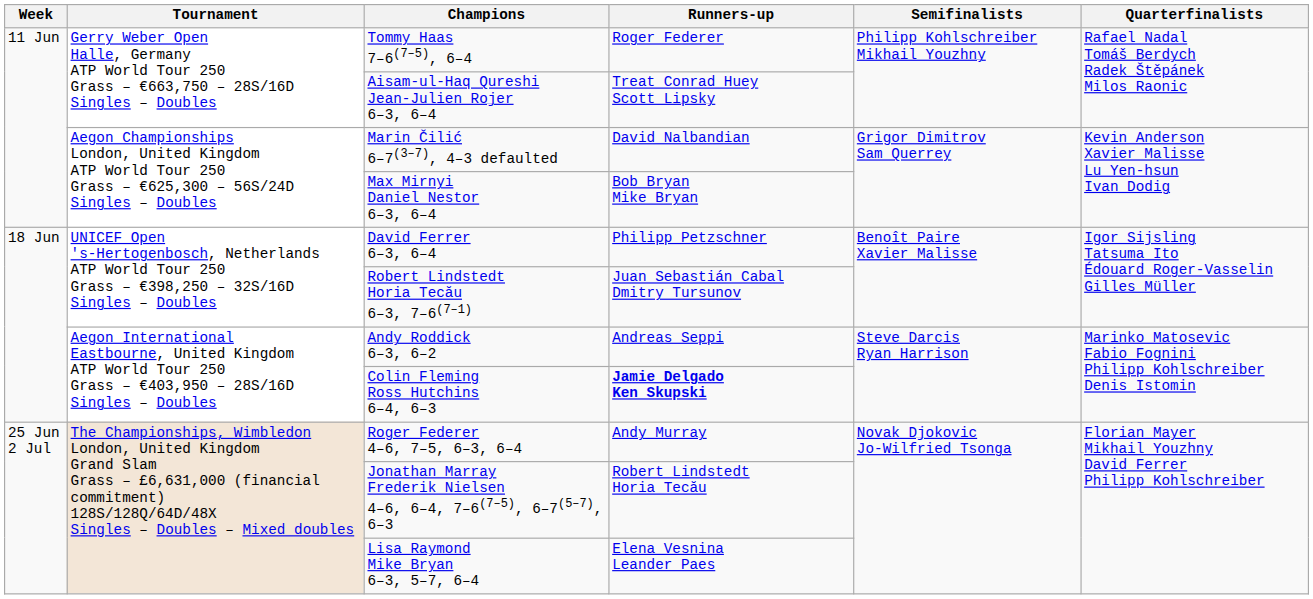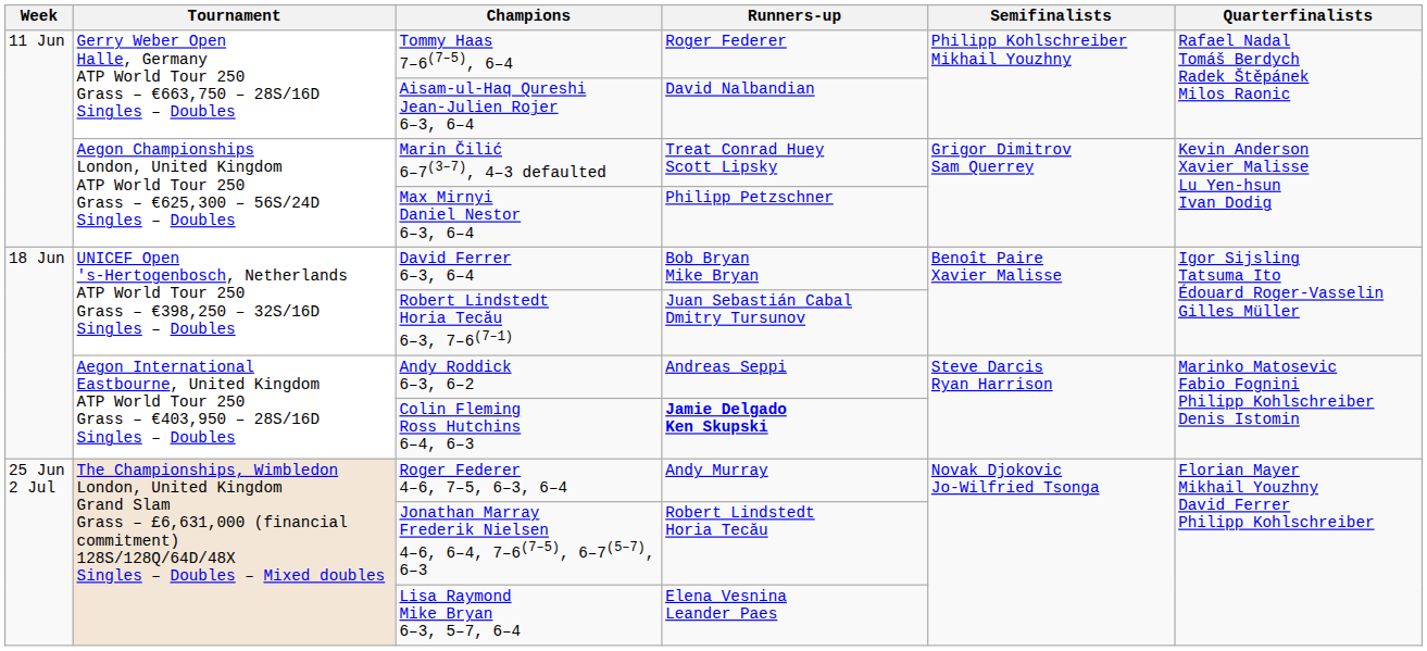 <table class=wikitable style=font-size:95%>
 <tr>
 <th style="width:48px;">Week</th>
 <th style="width:250px;">Tournament</th>
 <th style="width:205px;">Champions</th>
 <th style="width:205px;">Runners-up</th>
 <th style="width:190px;">Semifinalists</th>
 <th style="width:190px;">Quarterfinalists</th>
 </tr>
 <tr valign=top>
 <td rowspan=4>11 Jun</td>
 <td bgcolor=#ffffff rowspan=2><a href='#'>Gerry Weber Open</a><br> <a href='#'>Halle</a>, Germany<br>ATP World Tour 250<br>Grass – €663,750 – 28S/16D<br><a href='#'>Singles</a> – <a href='#'>Doubles</a></td>
 <td> <a href='#'>Tommy Haas</a><br>7–6<sup>(7–5)</sup>, 6–4</td>
 <td> <a href='#'>Roger Federer</a></td>
 <td rowspan=2> <a href='#'>Philipp Kohlschreiber</a><br>  <a href='#'>Mikhail Youzhny</a></td>
 <td rowspan=2> <a href='#'>Rafael Nadal</a> <br>  <a href='#'>Tomáš Berdych</a> <br>  <a href='#'>Radek Štěpánek</a> <br>  <a href='#'>Milos Raonic</a></td>
 </tr>
 <tr valign=top>
 <td> <a href='#'>Aisam-ul-Haq Qureshi</a> <br>  <a href='#'>Jean-Julien Rojer</a> <br> 6–3, 6–4</td>
-<td> <a href='#'>Treat Conrad Huey</a> <br>  <a href='#'>Scott Lipsky</a></td>
+<td> <a href='#'>David Nalbandian</a></td>
 </tr>
 <tr valign=top>
 <td bgcolor=#ffffff rowspan=2><a href='#'>Aegon Championships</a><br> London, United Kingdom<br>ATP World Tour 250<br>Grass – €625,300 – 56S/24D<br><a href='#'>Singles</a> – <a href='#'>Doubles</a></td>
 <td> <a href='#'>Marin Čilić</a><br>6–7<sup>(3–7)</sup>, 4–3 defaulted</td>
-<td> <a href='#'>David Nalbandian</a></td>
+<td> <a href='#'>Treat Conrad Huey</a> <br>  <a href='#'>Scott Lipsky</a></td>
 <td rowspan=2> <a href='#'>Grigor Dimitrov</a><br> <a href='#'>Sam Querrey</a></td>
 <td rowspan=2> <a href='#'>Kevin Anderson</a> <br>  <a href='#'>Xavier Malisse</a> <br>  <a href='#'>Lu Yen-hsun</a> <br>  <a href='#'>Ivan Dodig</a></td>
 </tr>
 <tr valign=top>
 <td> <a href='#'>Max Mirnyi</a> <br>  <a href='#'>Daniel Nestor</a> <br> 6–3, 6–4</td>
-<td> <a href='#'>Bob Bryan</a> <br>  <a href='#'>Mike Bryan</a></td>
+<td> <a href='#'>Philipp Petzschner</a></td>
 </tr>
 <tr valign=top>
 <td rowspan=4>18 Jun</td>
 <td bgcolor=#ffffff rowspan=2><a href='#'>UNICEF Open</a><br> <a href='#'>'s-Hertogenbosch</a>, Netherlands<br>ATP World Tour 250<br>Grass – €398,250 – 32S/16D<br><a href='#'>Singles</a> – <a href='#'>Doubles</a></td>
 <td> <a href='#'>David Ferrer</a><br>6–3, 6–4</td>
-<td> <a href='#'>Philipp Petzschner</a></td>
+<td> <a href='#'>Bob Bryan</a> <br>  <a href='#'>Mike Bryan</a></td>
 <td rowspan=2> <a href='#'>Benoît Paire</a> <br>  <a href='#'>Xavier Malisse</a></td>
 <td rowspan=2> <a href='#'>Igor Sijsling</a> <br>  <a href='#'>Tatsuma Ito</a> <br>  <a href='#'>Édouard Roger-Vasselin</a> <br>  <a href='#'>Gilles Müller</a></td>
 </tr>
 <tr valign=top>
 <td> <a href='#'>Robert Lindstedt</a><br> <a href='#'>Horia Tecău</a><br>6–3, 7–6<sup>(7–1)</sup></td>
 <td> <a href='#'>Juan Sebastián Cabal</a><br> <a href='#'>Dmitry Tursunov</a></td>
 </tr>
 <tr valign=top>
 <td bgcolor=#ffffff rowspan=2><a href='#'>Aegon International</a><br> <a href='#'>Eastbourne</a>, United Kingdom<br>ATP World Tour 250<br>Grass – €403,950 – 28S/16D<br><a href='#'>Singles</a> – <a href='#'>Doubles</a></td>
 <td> <a href='#'>Andy Roddick</a><br>6–3, 6–2</td>
 <td> <a href='#'>Andreas Seppi</a></td>
 <td rowspan=2> <a href='#'>Steve Darcis</a> <br>  <a href='#'>Ryan Harrison</a></td>
 <td rowspan=2> <a href='#'>Marinko Matosevic</a><br>  <a href='#'>Fabio Fognini</a><br>  <a href='#'>Philipp Kohlschreiber</a><br>  <a href='#'>Denis Istomin</a></td>
 </tr>
 <tr valign=top>
 <td> <a href='#'>Colin Fleming</a> <br>  <a href='#'>Ross Hutchins</a> <br> 6–4, 6–3</td>
 <td><strong> <a href='#'>Jamie Delgado</a> <br>  <a href='#'>Ken Skupski</a></strong></td>
 </tr>
 <tr valign=top>
 <td rowspan=3>25 Jun <br>2 Jul</td>
 <td bgcolor=#F3E6D7 rowspan=3><a href='#'>The Championships, Wimbledon</a><br> London, United Kingdom<br>Grand Slam<br>Grass – £6,631,000 (financial commitment)<br>128S/128Q/64D/48X<br><a href='#'>Singles</a> – <a href='#'>Doubles</a> – <a href='#'>Mixed doubles</a></td>
 <td> <a href='#'>Roger Federer</a><br>4–6, 7–5, 6–3, 6–4</td>
 <td> <a href='#'>Andy Murray</a></td>
 <td rowspan=3> <a href='#'>Novak Djokovic</a><br> <a href='#'>Jo-Wilfried Tsonga</a></td>
 <td rowspan=3> <a href='#'>Florian Mayer</a><br> <a href='#'>Mikhail Youzhny</a><br> <a href='#'>David Ferrer</a><br> <a href='#'>Philipp Kohlschreiber</a></td>
 </tr>
 <tr valign=top>
 <td> <a href='#'>Jonathan Marray</a> <br>  <a href='#'>Frederik Nielsen</a> <br> 4–6, 6–4, 7–6<sup>(7–5)</sup>, 6–7<sup>(5–7)</sup>, 6–3</td>
 <td> <a href='#'>Robert Lindstedt</a> <br>  <a href='#'>Horia Tecău</a></td>
 </tr>
 <tr valign=top>
 <td> <a href='#'>Lisa Raymond</a> <br>  <a href='#'>Mike Bryan</a> <br> 6–3, 5–7, 6–4</td>
 <td> <a href='#'>Elena Vesnina</a> <br>  <a href='#'>Leander Paes</a></td>
 </tr>
 </table>
